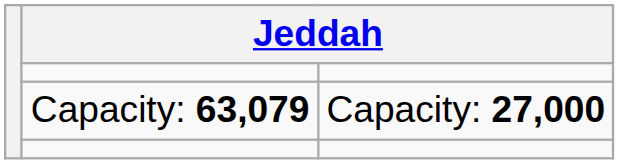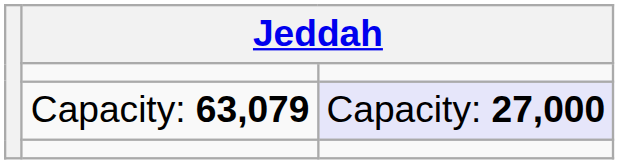 <table class="wikitable" style="text-align:center">
 <tr>
 <th rowspan="4"></th>
 <th colspan="2"><a href='#'>Jeddah</a></th>
 </tr>
 <tr>
 <td></td>
 <td></td>
 </tr>
 <tr>
 <td>Capacity: <strong>63,079</strong></td>
-<td>Capacity: <strong>27,000</strong></td>
+<td style="background: lavender;">Capacity: <strong>27,000</strong></td>
 </tr>
 <tr>
 <td></td>
 <td></td>
 </tr>
 </table>
